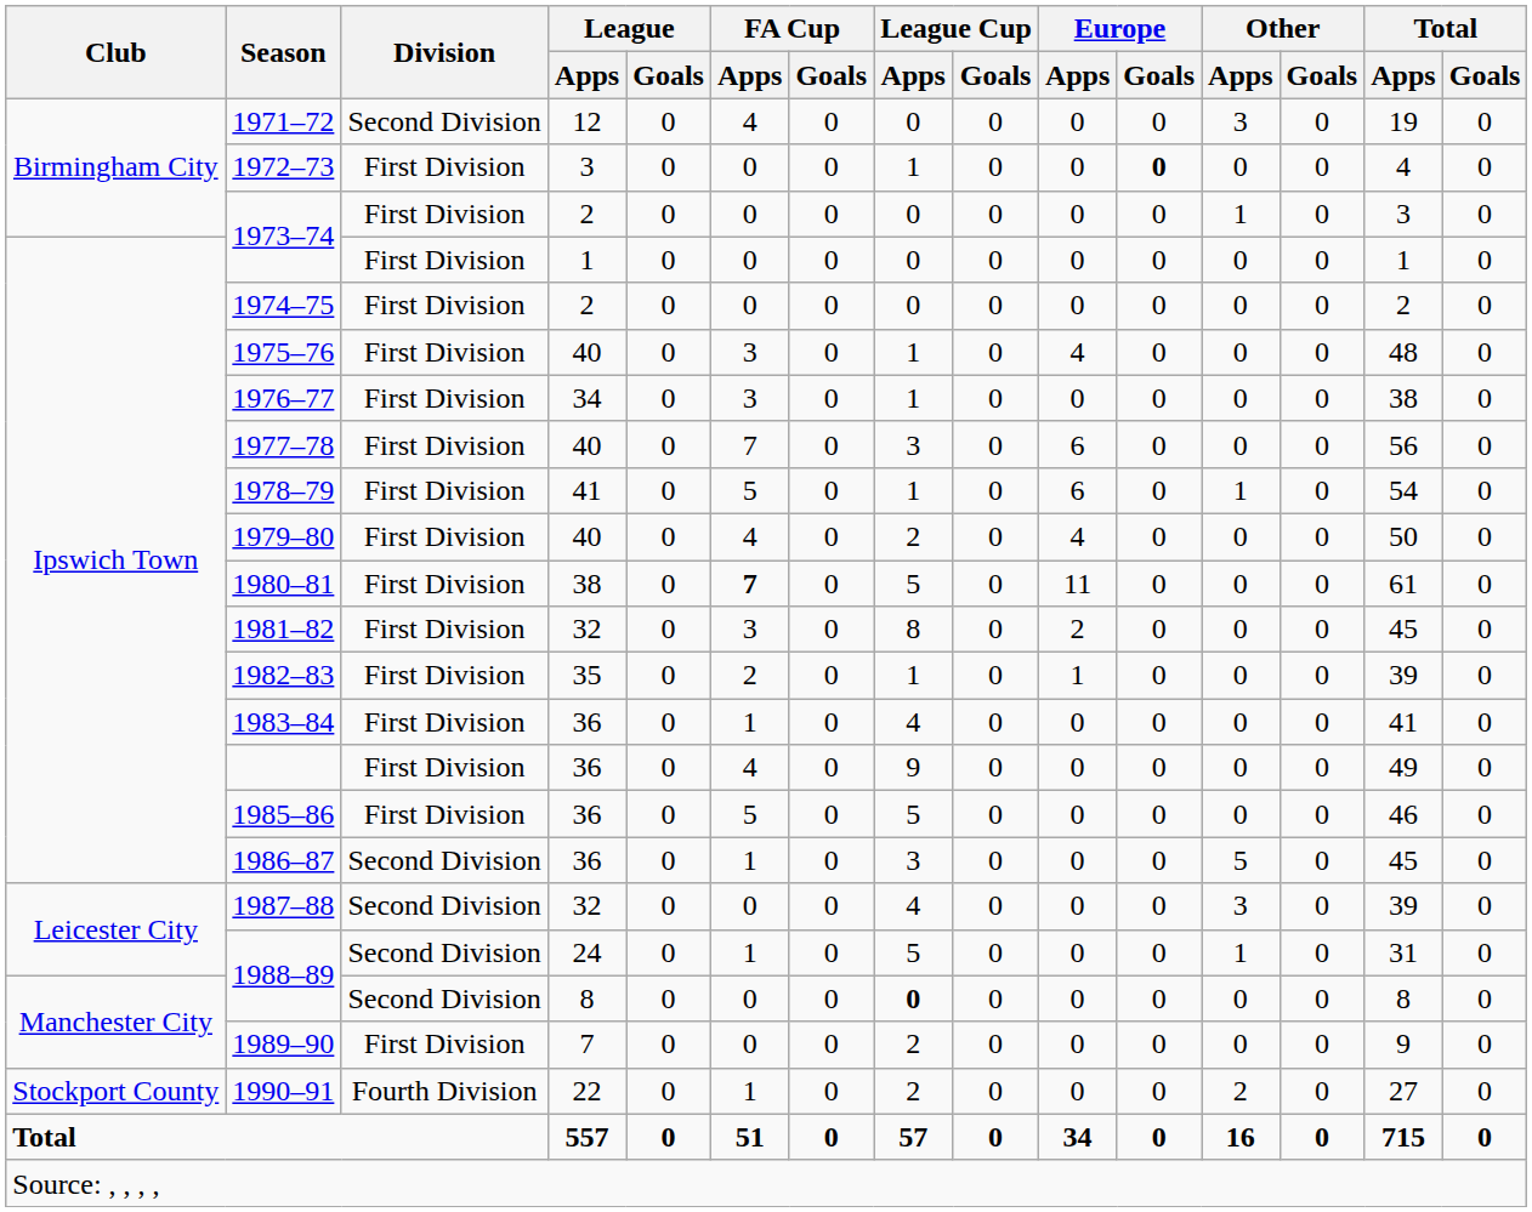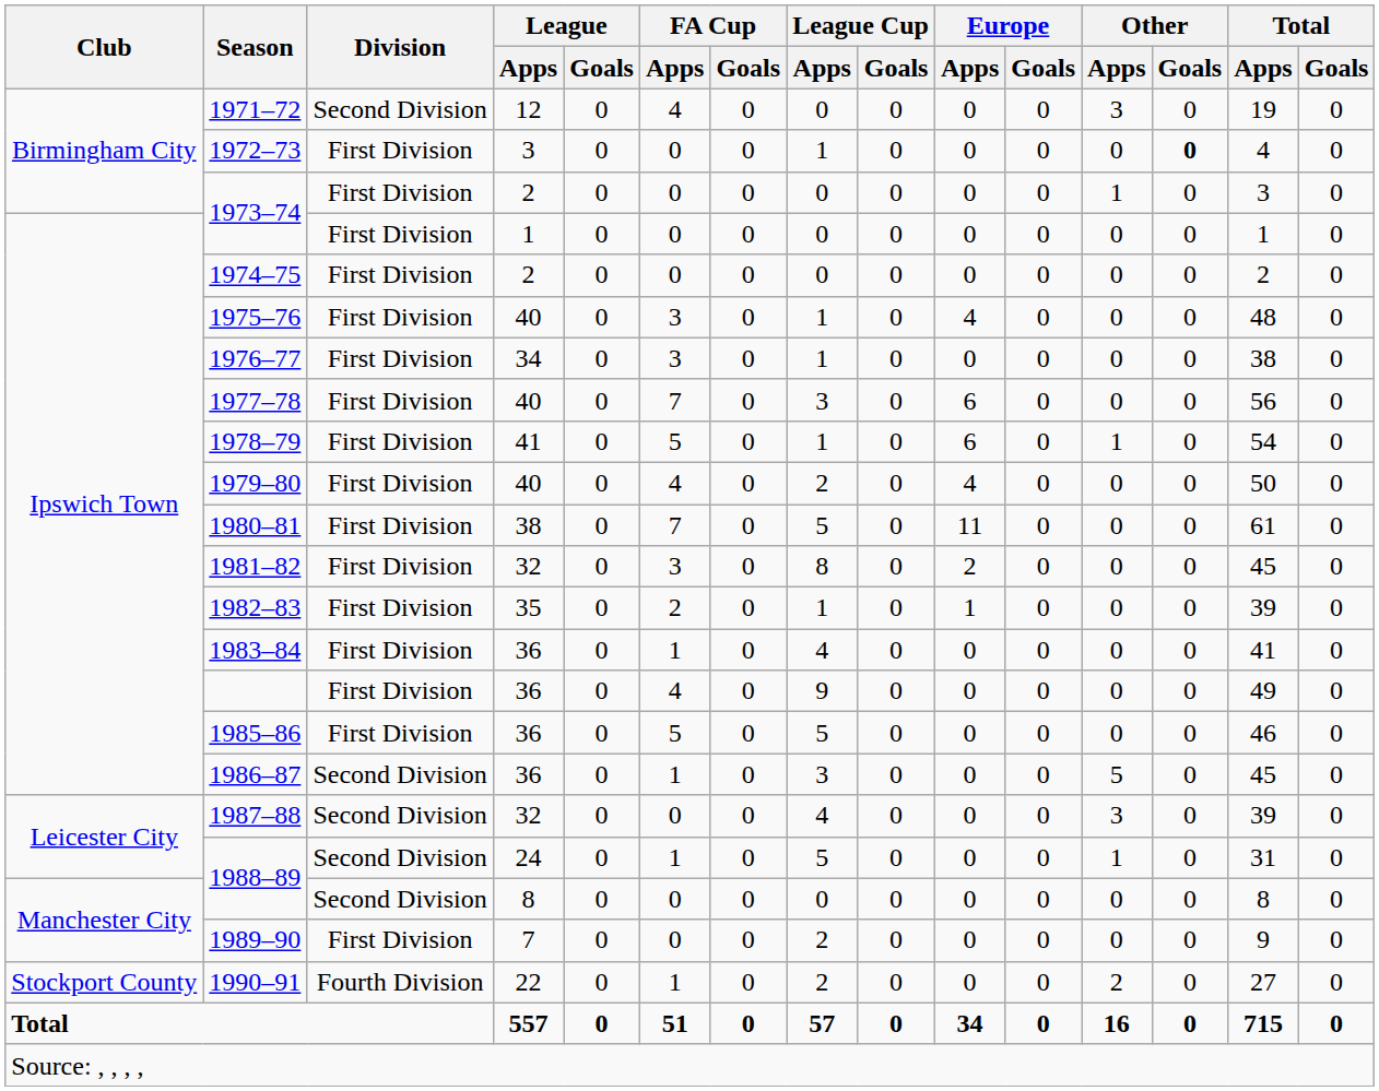 <table class=wikitable style=text-align:center>
 <tr>
 <th rowspan=2>Club</th>
 <th rowspan=2>Season</th>
 <th rowspan=2>Division</th>
 <th colspan=2>League</th>
 <th colspan=2>FA Cup</th>
 <th colspan=2>League Cup</th>
 <th colspan=2><a href='#'>Europe</a></th>
 <th colspan=2>Other</th>
 <th colspan=2>Total</th>
 </tr>
 <tr>
 <th>Apps</th>
 <th>Goals</th>
 <th>Apps</th>
 <th>Goals</th>
 <th>Apps</th>
 <th>Goals</th>
 <th>Apps</th>
 <th>Goals</th>
 <th>Apps</th>
 <th>Goals</th>
 <th>Apps</th>
 <th>Goals</th>
 </tr>
 <tr>
 <td rowspan=3><a href='#'>Birmingham City</a></td>
 <td><a href='#'>1971–72</a></td>
 <td>Second Division</td>
 <td>12</td>
 <td>0</td>
 <td>4</td>
 <td>0</td>
 <td>0</td>
 <td>0</td>
 <td>0</td>
 <td>0</td>
 <td>3</td>
 <td>0</td>
 <td>19</td>
 <td>0</td>
 </tr>
 <tr>
 <td><a href='#'>1972–73</a></td>
 <td>First Division</td>
 <td>3</td>
 <td>0</td>
 <td>0</td>
 <td>0</td>
 <td>1</td>
 <td>0</td>
 <td>0</td>
-<td><strong>0</strong></td>
 <td>0</td>
 <td>0</td>
+<td><strong>0</strong></td>
 <td>4</td>
 <td>0</td>
 </tr>
 <tr>
 <td rowspan=2><a href='#'>1973–74</a></td>
 <td>First Division</td>
 <td>2</td>
 <td>0</td>
 <td>0</td>
 <td>0</td>
 <td>0</td>
 <td>0</td>
 <td>0</td>
 <td>0</td>
 <td>1</td>
 <td>0</td>
 <td>3</td>
 <td>0</td>
 </tr>
 <tr>
 <td rowspan=14><a href='#'>Ipswich Town</a></td>
 <td>First Division</td>
 <td>1</td>
 <td>0</td>
 <td>0</td>
 <td>0</td>
 <td>0</td>
 <td>0</td>
 <td>0</td>
 <td>0</td>
 <td>0</td>
 <td>0</td>
 <td>1</td>
 <td>0</td>
 </tr>
 <tr>
 <td><a href='#'>1974–75</a></td>
 <td>First Division</td>
 <td>2</td>
 <td>0</td>
 <td>0</td>
 <td>0</td>
 <td>0</td>
 <td>0</td>
 <td>0</td>
 <td>0</td>
 <td>0</td>
 <td>0</td>
 <td>2</td>
 <td>0</td>
 </tr>
 <tr>
 <td><a href='#'>1975–76</a></td>
 <td>First Division</td>
 <td>40</td>
 <td>0</td>
 <td>3</td>
 <td>0</td>
 <td>1</td>
 <td>0</td>
 <td>4</td>
 <td>0</td>
 <td>0</td>
 <td>0</td>
 <td>48</td>
 <td>0</td>
 </tr>
 <tr>
 <td><a href='#'>1976–77</a></td>
 <td>First Division</td>
 <td>34</td>
 <td>0</td>
 <td>3</td>
 <td>0</td>
 <td>1</td>
 <td>0</td>
 <td>0</td>
 <td>0</td>
 <td>0</td>
 <td>0</td>
 <td>38</td>
 <td>0</td>
 </tr>
 <tr>
 <td><a href='#'>1977–78</a></td>
 <td>First Division</td>
 <td>40</td>
 <td>0</td>
 <td>7</td>
 <td>0</td>
 <td>3</td>
 <td>0</td>
 <td>6</td>
 <td>0</td>
 <td>0</td>
 <td>0</td>
 <td>56</td>
 <td>0</td>
 </tr>
 <tr>
 <td><a href='#'>1978–79</a></td>
 <td>First Division</td>
 <td>41</td>
 <td>0</td>
 <td>5</td>
 <td>0</td>
 <td>1</td>
 <td>0</td>
 <td>6</td>
 <td>0</td>
 <td>1</td>
 <td>0</td>
 <td>54</td>
 <td>0</td>
 </tr>
 <tr>
 <td><a href='#'>1979–80</a></td>
 <td>First Division</td>
 <td>40</td>
 <td>0</td>
 <td>4</td>
 <td>0</td>
 <td>2</td>
 <td>0</td>
 <td>4</td>
 <td>0</td>
 <td>0</td>
 <td>0</td>
 <td>50</td>
 <td>0</td>
 </tr>
 <tr>
 <td><a href='#'>1980–81</a></td>
 <td>First Division</td>
 <td>38</td>
 <td>0</td>
-<td><strong>7</strong></td>
+<td>7</td>
 <td>0</td>
 <td>5</td>
 <td>0</td>
 <td>11</td>
 <td>0</td>
 <td>0</td>
 <td>0</td>
 <td>61</td>
 <td>0</td>
 </tr>
 <tr>
 <td><a href='#'>1981–82</a></td>
 <td>First Division</td>
 <td>32</td>
 <td>0</td>
 <td>3</td>
 <td>0</td>
 <td>8</td>
 <td>0</td>
 <td>2</td>
 <td>0</td>
 <td>0</td>
 <td>0</td>
 <td>45</td>
 <td>0</td>
 </tr>
 <tr>
 <td><a href='#'>1982–83</a></td>
 <td>First Division</td>
 <td>35</td>
 <td>0</td>
 <td>2</td>
 <td>0</td>
 <td>1</td>
 <td>0</td>
 <td>1</td>
 <td>0</td>
 <td>0</td>
 <td>0</td>
 <td>39</td>
 <td>0</td>
 </tr>
 <tr>
 <td><a href='#'>1983–84</a></td>
 <td>First Division</td>
 <td>36</td>
 <td>0</td>
 <td>1</td>
 <td>0</td>
 <td>4</td>
 <td>0</td>
 <td>0</td>
 <td>0</td>
 <td>0</td>
 <td>0</td>
 <td>41</td>
 <td>0</td>
 </tr>
 <tr>
 <td></td>
 <td>First Division</td>
 <td>36</td>
 <td>0</td>
 <td>4</td>
 <td>0</td>
 <td>9</td>
 <td>0</td>
 <td>0</td>
 <td>0</td>
 <td>0</td>
 <td>0</td>
 <td>49</td>
 <td>0</td>
 </tr>
 <tr>
 <td><a href='#'>1985–86</a></td>
 <td>First Division</td>
 <td>36</td>
 <td>0</td>
 <td>5</td>
 <td>0</td>
 <td>5</td>
 <td>0</td>
 <td>0</td>
 <td>0</td>
 <td>0</td>
 <td>0</td>
 <td>46</td>
 <td>0</td>
 </tr>
 <tr>
 <td><a href='#'>1986–87</a></td>
 <td>Second Division</td>
 <td>36</td>
 <td>0</td>
 <td>1</td>
 <td>0</td>
 <td>3</td>
 <td>0</td>
 <td>0</td>
 <td>0</td>
 <td>5</td>
 <td>0</td>
 <td>45</td>
 <td>0</td>
 </tr>
 <tr>
 <td rowspan=2><a href='#'>Leicester City</a></td>
 <td><a href='#'>1987–88</a></td>
 <td>Second Division</td>
 <td>32</td>
 <td>0</td>
 <td>0</td>
 <td>0</td>
 <td>4</td>
 <td>0</td>
 <td>0</td>
 <td>0</td>
 <td>3</td>
 <td>0</td>
 <td>39</td>
 <td>0</td>
 </tr>
 <tr>
 <td rowspan=2><a href='#'>1988–89</a></td>
 <td>Second Division</td>
 <td>24</td>
 <td>0</td>
 <td>1</td>
 <td>0</td>
 <td>5</td>
 <td>0</td>
 <td>0</td>
 <td>0</td>
 <td>1</td>
 <td>0</td>
 <td>31</td>
 <td>0</td>
 </tr>
 <tr>
 <td rowspan=2><a href='#'>Manchester City</a></td>
 <td>Second Division</td>
 <td>8</td>
 <td>0</td>
 <td>0</td>
 <td>0</td>
-<td><strong>0</strong></td>
+<td>0</td>
 <td>0</td>
 <td>0</td>
 <td>0</td>
 <td>0</td>
 <td>0</td>
 <td>8</td>
 <td>0</td>
 </tr>
 <tr>
 <td><a href='#'>1989–90</a></td>
 <td>First Division</td>
 <td>7</td>
 <td>0</td>
 <td>0</td>
 <td>0</td>
 <td>2</td>
 <td>0</td>
 <td>0</td>
 <td>0</td>
 <td>0</td>
 <td>0</td>
 <td>9</td>
 <td>0</td>
 </tr>
 <tr>
 <td><a href='#'>Stockport County</a></td>
 <td><a href='#'>1990–91</a></td>
 <td>Fourth Division</td>
 <td>22</td>
 <td>0</td>
 <td>1</td>
 <td>0</td>
 <td>2</td>
 <td>0</td>
 <td>0</td>
 <td>0</td>
 <td>2</td>
 <td>0</td>
 <td>27</td>
 <td>0</td>
 </tr>
 <tr>
 <td colspan=3 align=left><strong>Total</strong></td>
 <td><strong>557</strong></td>
 <td><strong>0</strong></td>
 <td><strong>51</strong></td>
 <td><strong>0</strong></td>
 <td><strong>57</strong></td>
 <td><strong>0</strong></td>
 <td><strong>34</strong></td>
 <td><strong>0</strong></td>
 <td><strong>16</strong></td>
 <td><strong>0</strong></td>
 <td><strong>715</strong></td>
 <td><strong>0</strong></td>
 </tr>
 <tr>
 <td align=left colspan=15>Source: , , , , </td>
 </tr>
 </table>
